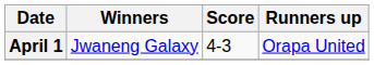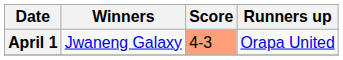 <table class="wikitable sortable plainrowheaders">
 <tr>
 <th scope="col">Date</th>
 <th scope="col">Winners</th>
 <th scope="col">Score</th>
 <th scope="col">Runners up</th>
 </tr>
 <tr>
 <th scope="row">April 1</th>
 <td><a href='#'>Jwaneng Galaxy</a></td>
-<td>4-3</td>
+<td style="background: lightsalmon;">4-3</td>
 <td><a href='#'>Orapa United</a></td>
 </tr>
 <tr>
 </tr>
 </table>
